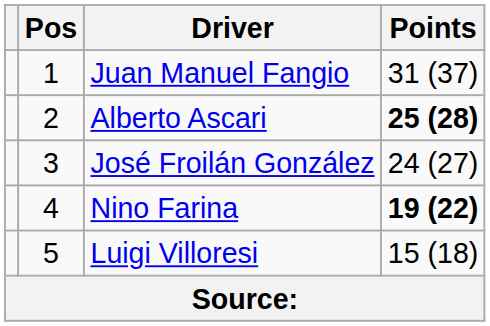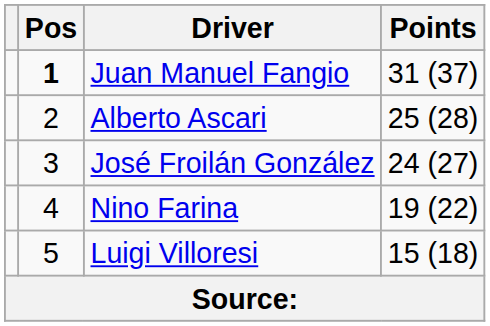 <table class="wikitable" style="font-size: 95%;">
 <tr>
 <th></th>
 <th>Pos</th>
 <th>Driver</th>
 <th>Points</th>
 </tr>
 <tr>
 <td align="left"></td>
-<td align="center">1</td>
+<td align="center"><strong>1</strong></td>
 <td> <a href='#'>Juan Manuel Fangio</a></td>
 <td align="left">31 (37)</td>
 </tr>
 <tr>
 <td align="left"></td>
 <td align="center">2</td>
 <td> <a href='#'>Alberto Ascari</a></td>
-<td align="left"><strong>25 (28)</strong></td>
+<td align="left">25 (28)</td>
 </tr>
 <tr>
 <td align="left"></td>
 <td align="center">3</td>
 <td> <a href='#'>José Froilán González</a></td>
 <td align="left">24 (27)</td>
 </tr>
 <tr>
 <td align="left"></td>
 <td align="center">4</td>
 <td> <a href='#'>Nino Farina</a></td>
-<td align="left"><strong>19 (22)</strong></td>
+<td align="left">19 (22)</td>
 </tr>
 <tr>
 <td align="left"></td>
 <td align="center">5</td>
 <td> <a href='#'>Luigi Villoresi</a></td>
 <td align="left">15 (18)</td>
 </tr>
 <tr>
 <th colspan=4>Source:</th>
 </tr>
 </table>
